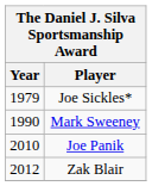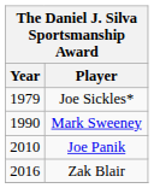 <table class="wikitable" style="display: inline-table; margin-right: 20px; text-align:center">
 <tr>
 <th scope="col" colspan="2" style="width: 145px;">The Daniel J. Silva Sportsmanship Award</th>
 </tr>
 <tr>
 <th scope="col">Year</th>
 <th scope="col">Player</th>
 </tr>
 <tr>
 <td>1979</td>
 <td>Joe Sickles*</td>
 </tr>
 <tr>
 <td>1990</td>
 <td><a href='#'>Mark Sweeney</a></td>
 </tr>
 <tr>
 <td>2010</td>
 <td><a href='#'>Joe Panik</a></td>
 </tr>
 <tr>
-<td>2012</td>
+<td>2016</td>
 <td>Zak Blair</td>
 </tr>
 <tr>
 </tr>
 </table>
